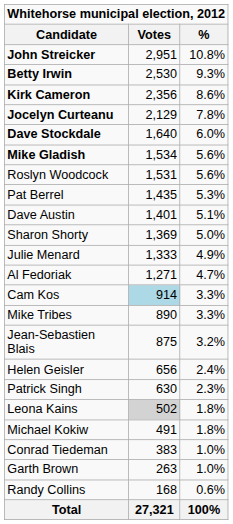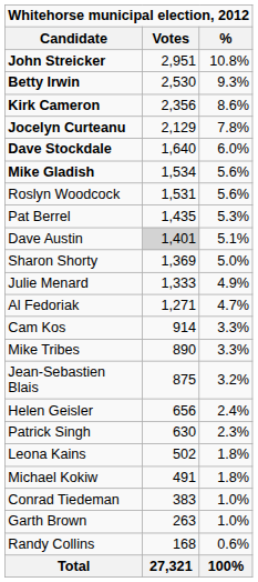 <table class="wikitable">
 <tr>
 <td Colspan="3" align="center"><strong>Whitehorse municipal election, 2012</strong></td>
 </tr>
 <tr>
 <th bgcolor="#DDDDFF" width="150px">Candidate</th>
 <th bgcolor="#DDDDFF">Votes</th>
 <th bgcolor="#DDDDFF">%</th>
 </tr>
 <tr>
 <td><strong>John Streicker</strong></td>
 <td align=right>2,951</td>
 <td align=right>10.8%</td>
 </tr>
 <tr>
 <td><strong>Betty Irwin</strong></td>
 <td align=right>2,530</td>
 <td align=right>9.3%</td>
 </tr>
 <tr>
 <td><strong>Kirk Cameron</strong></td>
 <td align=right>2,356</td>
 <td align=right>8.6%</td>
 </tr>
 <tr>
 <td><strong>Jocelyn Curteanu</strong></td>
 <td align=right>2,129</td>
 <td align=right>7.8%</td>
 </tr>
 <tr>
 <td><strong>Dave Stockdale</strong></td>
 <td align=right>1,640</td>
 <td align=right>6.0%</td>
 </tr>
 <tr>
 <td><strong>Mike Gladish</strong></td>
 <td align=right>1,534</td>
 <td align=right>5.6%</td>
 </tr>
 <tr>
 <td>Roslyn Woodcock</td>
 <td align=right>1,531</td>
 <td align=right>5.6%</td>
 </tr>
 <tr>
 <td>Pat Berrel</td>
 <td align=right>1,435</td>
 <td align=right>5.3%</td>
 </tr>
 <tr>
 <td>Dave Austin</td>
-<td align=right>1,401</td>
+<td align=right style="background: lightgrey;">1,401</td>
 <td align=right>5.1%</td>
 </tr>
 <tr>
 <td>Sharon Shorty</td>
 <td align=right>1,369</td>
 <td align=right>5.0%</td>
 </tr>
 <tr>
 <td>Julie Menard</td>
 <td align=right>1,333</td>
 <td align=right>4.9%</td>
 </tr>
 <tr>
 <td>Al Fedoriak</td>
 <td align=right>1,271</td>
 <td align=right>4.7%</td>
 </tr>
 <tr>
 <td>Cam Kos</td>
-<td align=right style="background: lightblue;">914</td>
+<td align=right>914</td>
 <td align=right>3.3%</td>
 </tr>
 <tr>
 <td>Mike Tribes</td>
 <td align=right>890</td>
 <td align=right>3.3%</td>
 </tr>
 <tr>
 <td>Jean-Sebastien Blais</td>
 <td align=right>875</td>
 <td align=right>3.2%</td>
 </tr>
 <tr>
 <td>Helen Geisler</td>
 <td align=right>656</td>
 <td align=right>2.4%</td>
 </tr>
 <tr>
 <td>Patrick Singh</td>
 <td align=right>630</td>
 <td align=right>2.3%</td>
 </tr>
 <tr>
 <td>Leona Kains</td>
-<td align=right style="background: lightgrey;">502</td>
+<td align=right>502</td>
 <td align=right>1.8%</td>
 </tr>
 <tr>
 <td>Michael Kokiw</td>
 <td align=right>491</td>
 <td align=right>1.8%</td>
 </tr>
 <tr>
 <td>Conrad Tiedeman</td>
 <td align=right>383</td>
 <td align=right>1.0%</td>
 </tr>
 <tr>
 <td>Garth Brown</td>
 <td align=right>263</td>
 <td align=right>1.0%</td>
 </tr>
 <tr>
 <td>Randy Collins</td>
 <td align=right>168</td>
 <td align=right>0.6%</td>
 </tr>
 <tr>
 <th>Total</th>
 <th align=right>27,321</th>
 <th align=right>100%</th>
 </tr>
 </table>
